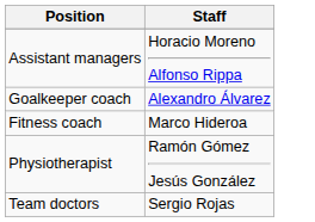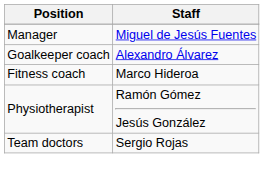 <table class="wikitable">
 <tr>
 <th>Position</th>
 <th>Staff</th>
 </tr>
 <tr>
 </tr>
 <tr>
-<td>Assistant managers</td>
-<td> Horacio Moreno<hr> <a href='#'>Alfonso Rippa</a></td>
+<td>Manager</td>
+<td> <a href='#'>Miguel de Jesús Fuentes</a></td>
 </tr>
 <tr>
 <td>Goalkeeper coach</td>
 <td> <a href='#'>Alexandro Álvarez</a></td>
 </tr>
 <tr>
 <td>Fitness coach</td>
 <td> Marco Hideroa</td>
 </tr>
 <tr>
 <td>Physiotherapist</td>
 <td>  Ramón Gómez<hr> Jesús González</td>
 </tr>
 <tr>
 <td>Team doctors</td>
 <td> Sergio Rojas</td>
 </tr>
 </table>
